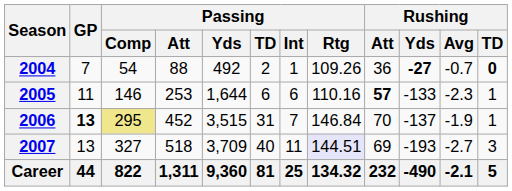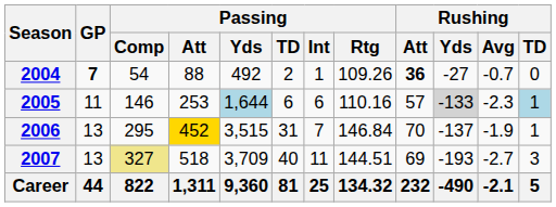 <table class="wikitable" style="text-align: center;">
 <tr>
 <th rowspan="2">Season</th>
 <th rowspan="2">GP</th>
 <th colspan="6">Passing</th>
 <th colspan="4">Rushing</th>
 </tr>
 <tr>
 <th>Comp</th>
 <th>Att</th>
 <th>Yds</th>
 <th>TD</th>
 <th>Int</th>
 <th>Rtg</th>
 <th>Att</th>
 <th>Yds</th>
 <th>Avg</th>
 <th>TD</th>
 </tr>
 <tr>
 <th><a href='#'>2004</a></th>
-<td>7</td>
+<td><strong>7</strong></td>
 <td>54</td>
 <td>88</td>
 <td>492</td>
 <td>2</td>
 <td>1</td>
 <td>109.26</td>
-<td>36</td>
-<td><strong>-27</strong></td>
+<td><strong>36</strong></td>
+<td>-27</td>
 <td>-0.7</td>
-<td><strong>0</strong></td>
+<td>0</td>
 </tr>
 <tr>
 <th><a href='#'>2005</a></th>
 <td>11</td>
 <td>146</td>
 <td>253</td>
-<td>1,644</td>
+<td style="background: lightblue;">1,644</td>
 <td>6</td>
 <td>6</td>
 <td>110.16</td>
-<td><strong>57</strong></td>
-<td>-133</td>
+<td>57</td>
+<td style="background: lightgrey;">-133</td>
 <td>-2.3</td>
-<td>1</td>
+<td style="background: lightblue;">1</td>
 </tr>
 <tr>
 <th><a href='#'>2006</a></th>
-<td><strong>13</strong></td>
-<td style="background: khaki;">295</td>
-<td>452</td>
+<td>13</td>
+<td>295</td>
+<td style="background: gold;">452</td>
 <td>3,515</td>
 <td>31</td>
 <td>7</td>
 <td>146.84</td>
 <td>70</td>
 <td>-137</td>
 <td>-1.9</td>
 <td>1</td>
 </tr>
 <tr>
 <th><a href='#'>2007</a></th>
 <td>13</td>
-<td>327</td>
+<td style="background: khaki;">327</td>
 <td>518</td>
 <td>3,709</td>
 <td>40</td>
 <td>11</td>
-<td style="background: lavender;">144.51</td>
+<td>144.51</td>
 <td>69</td>
 <td>-193</td>
 <td>-2.7</td>
 <td>3</td>
 </tr>
 <tr>
 <th>Career</th>
 <th>44</th>
 <th>822</th>
 <th>1,311</th>
 <th>9,360</th>
 <th>81</th>
 <th>25</th>
 <th>134.32</th>
 <th>232</th>
 <th>-490</th>
 <th>-2.1</th>
 <th>5</th>
 </tr>
 </table>
